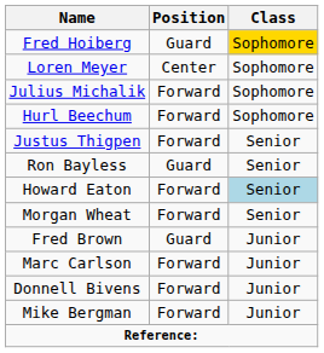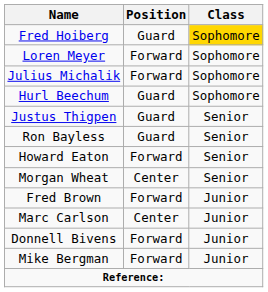 <table class="wikitable" style="text-align: center">
 <tr>
 <th>Name</th>
 <th>Position</th>
 <th>Class</th>
 </tr>
 <tr>
 <td><a href='#'>Fred Hoiberg</a></td>
 <td>Guard</td>
 <td style="background: gold;">Sophomore</td>
 </tr>
 <tr>
 <td><a href='#'>Loren Meyer</a></td>
-<td>Center</td>
+<td>Forward</td>
 <td>Sophomore</td>
 </tr>
 <tr>
 <td><a href='#'>Julius Michalik</a></td>
 <td>Forward</td>
 <td>Sophomore</td>
 </tr>
 <tr>
 <td><a href='#'>Hurl Beechum</a></td>
-<td>Forward</td>
+<td>Guard</td>
 <td>Sophomore</td>
 </tr>
 <tr>
 <td><a href='#'>Justus Thigpen</a></td>
-<td>Forward</td>
+<td>Guard</td>
 <td>Senior</td>
 </tr>
 <tr>
 <td>Ron Bayless</td>
 <td>Guard</td>
 <td>Senior</td>
 </tr>
 <tr>
 <td>Howard Eaton</td>
 <td>Forward</td>
-<td style="background: lightblue;">Senior</td>
+<td>Senior</td>
 </tr>
 <tr>
 <td>Morgan Wheat</td>
-<td>Forward</td>
+<td>Center</td>
 <td>Senior</td>
 </tr>
 <tr>
 <td>Fred Brown</td>
-<td>Guard</td>
+<td>Forward</td>
 <td>Junior</td>
 </tr>
 <tr>
 <td>Marc Carlson</td>
-<td>Forward</td>
+<td>Center</td>
 <td>Junior</td>
 </tr>
 <tr>
 <td>Donnell Bivens</td>
 <td>Forward</td>
 <td>Junior</td>
 </tr>
 <tr>
 <td>Mike Bergman</td>
 <td>Forward</td>
 <td>Junior</td>
 </tr>
 <tr>
 <td colspan="6" style="font-size:8pt; text-align:center;"><strong>Reference:</strong></td>
 </tr>
 </table>
